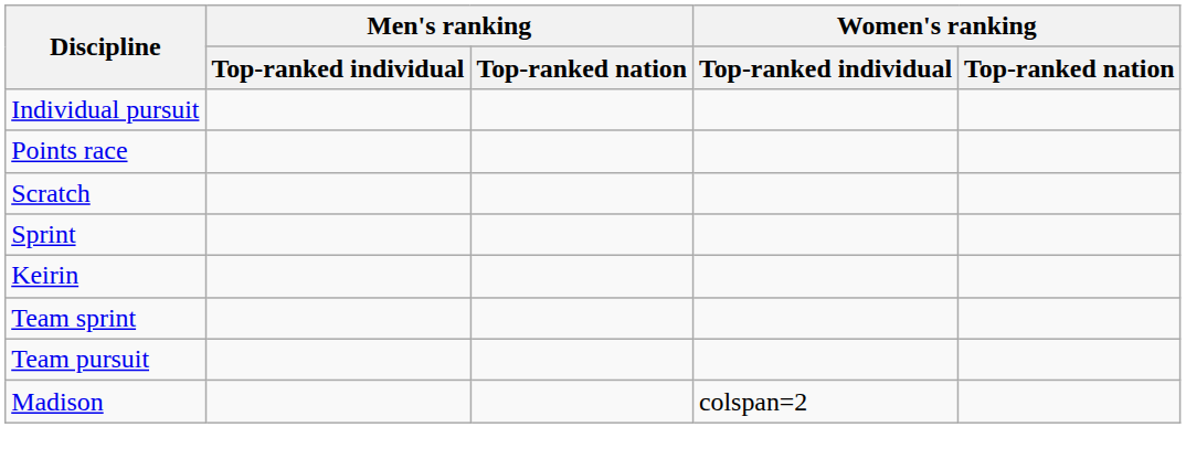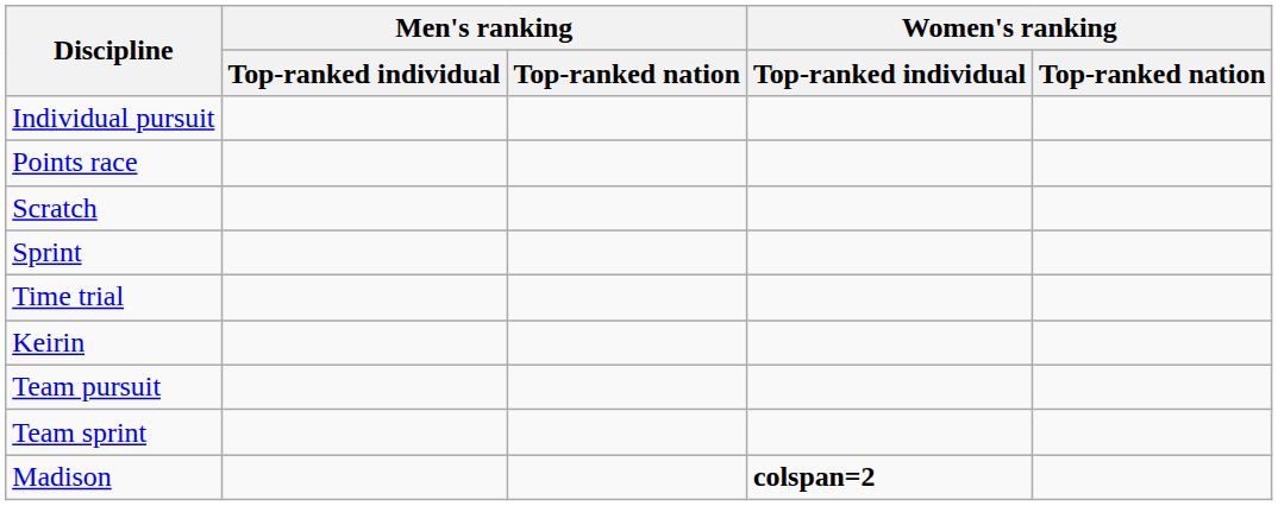 <table class="wikitable">
 <tr>
 <th rowspan=2>Discipline</th>
 <th colspan=2>Men's ranking</th>
 <th colspan=2>Women's ranking</th>
 </tr>
 <tr>
 <th>Top-ranked individual</th>
 <th>Top-ranked nation</th>
 <th>Top-ranked individual</th>
 <th>Top-ranked nation</th>
 </tr>
 <tr>
 <td><a href='#'>Individual pursuit</a></td>
 <td></td>
 <td></td>
 <td></td>
 <td></td>
 </tr>
 <tr>
 <td><a href='#'>Points race</a></td>
 <td></td>
 <td></td>
 <td></td>
 <td></td>
 </tr>
 <tr>
 <td><a href='#'>Scratch</a></td>
 <td></td>
 <td></td>
 <td></td>
 <td></td>
 </tr>
 <tr>
 <td><a href='#'>Sprint</a></td>
 <td></td>
 <td></td>
 <td></td>
 <td></td>
 </tr>
 <tr>
+<td><a href='#'>Time trial</a></td>
+<td></td>
+<td></td>
+<td></td>
+<td></td>
+</tr>
+<tr>
 <td><a href='#'>Keirin</a></td>
+<td></td>
+<td></td>
+<td></td>
+<td></td>
+</tr>
+<tr>
+<td><a href='#'>Team pursuit</a></td>
 <td></td>
 <td></td>
 <td></td>
 <td></td>
 </tr>
 <tr>
 <td><a href='#'>Team sprint</a></td>
 <td></td>
 <td></td>
 <td></td>
 <td></td>
 </tr>
 <tr>
-<td><a href='#'>Team pursuit</a></td>
-<td></td>
-<td></td>
-<td></td>
-<td></td>
-</tr>
-<tr>
 <td><a href='#'>Madison</a></td>
 <td></td>
 <td></td>
-<td>colspan=2 </td>
+<td><strong>colspan=2 </strong></td>
 </tr>
 </table>
